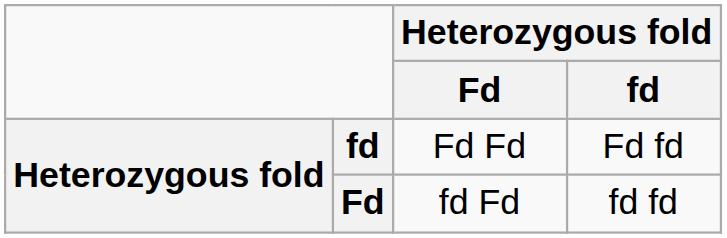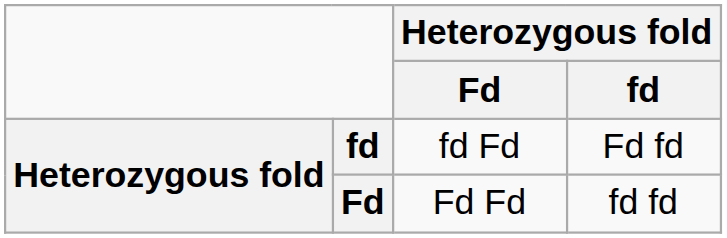 <table class="wikitable" style="text-align: center; ">
 <tr>
 <td colspan="2" rowspan="2"></td>
 <th colspan="2">Heterozygous fold</th>
 </tr>
 <tr>
 <th>Fd</th>
 <th>fd</th>
 </tr>
 <tr>
 <th rowspan="2">Heterozygous fold</th>
 <th>fd</th>
-<td>Fd Fd</td>
+<td>fd Fd</td>
 <td>Fd fd</td>
 </tr>
 <tr>
 <th>Fd</th>
-<td>fd Fd</td>
+<td>Fd Fd</td>
 <td>fd fd</td>
 </tr>
 </table>
